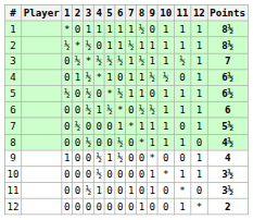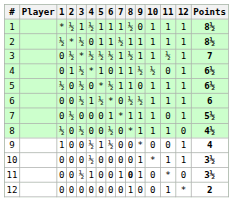 <table class="wikitable" style="text-align:center;background:#CCFFCC">
 <tr>
 <th>#</th>
 <th>Player</th>
 <th>1</th>
 <th>2</th>
 <th>3</th>
 <th>4</th>
 <th>5</th>
 <th>6</th>
 <th>7</th>
 <th>8</th>
 <th>9</th>
 <th>10</th>
 <th>11</th>
 <th>12</th>
 <th>Points</th>
 </tr>
 <tr>
 <td>1</td>
 <td align=left></td>
 <td>*</td>
-<td>0</td>
+<td>½</td>
 <td>1</td>
-<td>1</td>
+<td>½</td>
 <td>1</td>
 <td>1</td>
 <td>1</td>
 <td>½</td>
 <td>0</td>
 <td>1</td>
 <td>1</td>
 <td>1</td>
 <td><strong>8½</strong></td>
 </tr>
 <tr>
 <td>2</td>
 <td align=left></td>
 <td>½</td>
 <td>*</td>
 <td>½</td>
 <td>0</td>
 <td>1</td>
 <td>1</td>
 <td>½</td>
 <td>1</td>
 <td>1</td>
 <td>1</td>
 <td>1</td>
 <td>1</td>
 <td><strong>8½</strong></td>
 </tr>
 <tr>
 <td>3</td>
 <td align=left></td>
 <td>0</td>
 <td>½</td>
 <td>*</td>
 <td>½</td>
 <td>½</td>
 <td>½</td>
 <td>1</td>
 <td>½</td>
 <td>1</td>
 <td>1</td>
 <td>½</td>
 <td>1</td>
 <td><strong>7</strong></td>
 </tr>
 <tr>
 <td>4</td>
 <td align=left></td>
 <td>0</td>
 <td>1</td>
 <td>½</td>
 <td>*</td>
 <td>1</td>
 <td>0</td>
 <td>1</td>
 <td>1</td>
 <td>½</td>
 <td>½</td>
 <td>0</td>
 <td>1</td>
 <td><strong>6½</strong></td>
 </tr>
 <tr>
 <td>5</td>
 <td align=left></td>
 <td>½</td>
 <td>0</td>
 <td>½</td>
 <td>0</td>
 <td>*</td>
 <td>½</td>
 <td>1</td>
 <td>1</td>
 <td>0</td>
 <td>1</td>
 <td>1</td>
 <td>1</td>
 <td><strong>6½</strong></td>
 </tr>
 <tr>
 <td>6</td>
 <td align=left></td>
 <td>0</td>
 <td>0</td>
 <td>½</td>
 <td>1</td>
 <td>½</td>
 <td>*</td>
 <td>0</td>
 <td>½</td>
 <td>½</td>
 <td>1</td>
 <td>1</td>
 <td>1</td>
 <td><strong>6</strong></td>
 </tr>
 <tr>
 <td>7</td>
 <td align=left></td>
 <td>0</td>
 <td>½</td>
 <td>0</td>
 <td>0</td>
 <td>0</td>
 <td>1</td>
 <td>*</td>
 <td>1</td>
 <td>1</td>
 <td>1</td>
 <td>0</td>
 <td>1</td>
 <td><strong>5½</strong></td>
 </tr>
 <tr>
 <td>8</td>
 <td align=left></td>
-<td>0</td>
+<td>½</td>
 <td>0</td>
 <td>½</td>
 <td>0</td>
 <td>0</td>
 <td>½</td>
 <td>0</td>
 <td>*</td>
 <td>1</td>
 <td>1</td>
 <td>1</td>
 <td>0</td>
 <td><strong>4½</strong></td>
 </tr>
 <tr bgcolor=#ffffff>
 <td>9</td>
 <td align=left></td>
 <td>1</td>
 <td>0</td>
 <td>0</td>
 <td>½</td>
 <td>1</td>
 <td>½</td>
 <td>0</td>
 <td>0</td>
 <td>*</td>
 <td>0</td>
 <td>0</td>
 <td>1</td>
 <td><strong>4</strong></td>
 </tr>
 <tr bgcolor=#ffffff>
 <td>10</td>
 <td align=left></td>
 <td>0</td>
 <td>0</td>
 <td>0</td>
 <td>½</td>
 <td>0</td>
 <td>0</td>
 <td>0</td>
 <td>0</td>
 <td>1</td>
 <td>*</td>
 <td>1</td>
 <td>1</td>
 <td><strong>3½</strong></td>
 </tr>
 <tr bgcolor=#ffffff>
 <td>11</td>
 <td align=left></td>
 <td>0</td>
 <td>0</td>
 <td>½</td>
 <td>1</td>
 <td>0</td>
 <td>0</td>
 <td>1</td>
-<td>0</td>
+<td><strong>0</strong></td>
 <td>1</td>
 <td>0</td>
 <td>*</td>
 <td>0</td>
 <td><strong>3½</strong></td>
 </tr>
 <tr bgcolor=#ffffff>
 <td>12</td>
 <td align=left></td>
 <td>0</td>
 <td>0</td>
 <td>0</td>
 <td>0</td>
 <td>0</td>
 <td>0</td>
 <td>0</td>
 <td>1</td>
 <td>0</td>
 <td>0</td>
 <td>1</td>
 <td>*</td>
 <td><strong>2</strong></td>
 </tr>
 </table>
